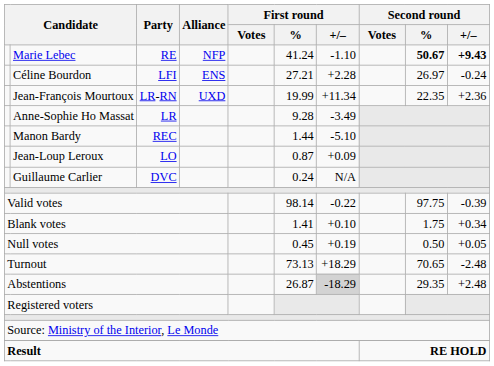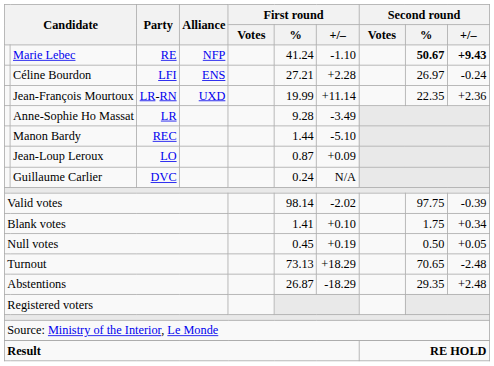 <table class="wikitable" style="text-align:right;font-size:95%;">
 <tr>
 <th rowspan="2" colspan="2">Candidate</th>
 <th rowspan="2">Party</th>
 <th rowspan="2">Alliance</th>
 <th colspan="3">First round</th>
 <th colspan="3">Second round</th>
 </tr>
 <tr>
 <th style="width:50px;">Votes</th>
 <th style="width:45px;">%</th>
 <th style="width:45px;">+/–</th>
 <th style="width:50px;">Votes</th>
 <th style="width:45px;">%</th>
 <th style="width:45px;">+/–</th>
 </tr>
 <tr>
 <td style="color:inherit;background:"></td>
 <td style="text-align:left;"><a href='#'>Marie Lebec</a></td>
 <td><a href='#'>RE</a></td>
 <td><a href='#'>NFP</a></td>
 <td></td>
 <td>41.24</td>
 <td>-1.10</td>
 <td><strong></strong></td>
 <td><strong>50.67</strong></td>
 <td><strong>+9.43</strong></td>
 </tr>
 <tr>
 <td style="color:inherit;background:"></td>
 <td style="text-align:left;">Céline Bourdon</td>
 <td><a href='#'>LFI</a></td>
 <td><a href='#'>ENS</a></td>
 <td></td>
 <td>27.21</td>
 <td>+2.28</td>
 <td></td>
 <td>26.97</td>
 <td>-0.24</td>
 </tr>
 <tr>
 <td style="color:inherit;background:"></td>
 <td style="text-align:left;">Jean-François Mourtoux</td>
 <td><a href='#'>LR</a>-<a href='#'>RN</a></td>
 <td><a href='#'>UXD</a></td>
 <td></td>
 <td>19.99</td>
-<td>+11.34</td>
+<td>+11.14</td>
 <td></td>
 <td>22.35</td>
 <td>+2.36</td>
 </tr>
 <tr>
 <td style="color:inherit;background:"></td>
 <td style="text-align:left;">Anne-Sophie Ho Massat</td>
 <td><a href='#'>LR</a></td>
 <td></td>
 <td></td>
 <td>9.28</td>
 <td>-3.49</td>
 <td colspan="3" style="background:#E9E9E9;"></td>
 </tr>
 <tr>
 <td style="color:inherit;background:"></td>
 <td style="text-align:left;">Manon Bardy</td>
 <td><a href='#'>REC</a></td>
 <td></td>
 <td></td>
 <td>1.44</td>
 <td>-5.10</td>
 <td colspan="3" style="background:#E9E9E9;"></td>
 </tr>
 <tr>
 <td style="color:inherit;background:"></td>
 <td style="text-align:left;">Jean-Loup Leroux</td>
 <td><a href='#'>LO</a></td>
 <td></td>
 <td></td>
 <td>0.87</td>
 <td>+0.09</td>
 <td colspan="3" style="background:#E9E9E9;"></td>
 </tr>
 <tr>
 <td style="color:inherit;background:"></td>
 <td style="text-align:left;">Guillaume Carlier</td>
 <td><a href='#'>DVC</a></td>
 <td></td>
 <td></td>
 <td>0.24</td>
 <td>N/A</td>
 <td colspan="3" style="background:#E9E9E9;"></td>
 </tr>
 <tr>
 <td colspan="10" style="background:#E9E9E9;"></td>
 </tr>
 <tr>
 <td colspan="4" style="text-align:left;">Valid votes</td>
 <td></td>
 <td>98.14</td>
-<td>-0.22</td>
+<td>-2.02</td>
 <td></td>
 <td>97.75</td>
 <td>-0.39</td>
 </tr>
 <tr>
 <td colspan="4" style="text-align:left;">Blank votes</td>
 <td></td>
 <td>1.41</td>
 <td>+0.10</td>
 <td></td>
 <td>1.75</td>
 <td>+0.34</td>
 </tr>
 <tr>
 <td colspan="4" style="text-align:left;">Null votes</td>
 <td></td>
 <td>0.45</td>
 <td>+0.19</td>
 <td></td>
 <td>0.50</td>
 <td>+0.05</td>
 </tr>
 <tr>
 <td colspan="4" style="text-align:left;">Turnout</td>
 <td></td>
 <td>73.13</td>
 <td>+18.29</td>
 <td></td>
 <td>70.65</td>
 <td>-2.48</td>
 </tr>
 <tr>
 <td colspan="4" style="text-align:left;">Abstentions</td>
 <td></td>
 <td>26.87</td>
-<td style="background: lightgrey;">-18.29</td>
+<td>-18.29</td>
 <td></td>
 <td>29.35</td>
 <td>+2.48</td>
 </tr>
 <tr>
 <td colspan="4" style="text-align:left;">Registered voters</td>
 <td></td>
 <td colspan="2" style="background:#E9E9E9;"></td>
 <td></td>
 <td colspan="2" style="background:#E9E9E9;"></td>
 </tr>
 <tr>
 <td colspan="10" style="background:#E9E9E9;"></td>
 </tr>
 <tr>
 <td colspan="10" style="text-align:left;">Source: <a href='#'>Ministry of the Interior</a>, <a href='#'>Le Monde</a></td>
 </tr>
 <tr>
 </tr>
 <tr style="font-weight:bold">
 <td colspan="7" style="text-align:left;">Result</td>
 <td colspan="7" style="background-color:">RE HOLD</td>
 </tr>
 </table>
